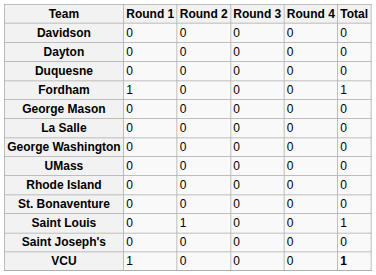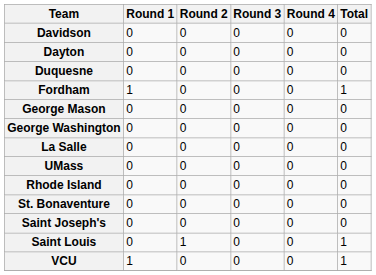 <table class="wikitable sortable">
 <tr>
 <th>Team</th>
 <th>Round 1</th>
 <th>Round 2</th>
 <th>Round 3</th>
 <th>Round 4</th>
 <th>Total</th>
 </tr>
 <tr>
 <th>Davidson</th>
 <td>0</td>
 <td>0</td>
 <td>0</td>
 <td>0</td>
 <td>0</td>
 </tr>
 <tr>
 <th>Dayton</th>
 <td>0</td>
 <td>0</td>
 <td>0</td>
 <td>0</td>
 <td>0</td>
 </tr>
 <tr>
 <th>Duquesne</th>
 <td>0</td>
 <td>0</td>
 <td>0</td>
 <td>0</td>
 <td>0</td>
 </tr>
 <tr>
 <th>Fordham</th>
 <td>1</td>
 <td>0</td>
 <td>0</td>
 <td>0</td>
 <td>1</td>
 </tr>
 <tr>
 <th>George Mason</th>
 <td>0</td>
 <td>0</td>
 <td>0</td>
 <td>0</td>
 <td>0</td>
 </tr>
 <tr>
-<th>La Salle</th>
+<th>George Washington</th>
 <td>0</td>
 <td>0</td>
 <td>0</td>
 <td>0</td>
 <td>0</td>
 </tr>
 <tr>
-<th>George Washington</th>
+<th>La Salle</th>
 <td>0</td>
 <td>0</td>
 <td>0</td>
 <td>0</td>
 <td>0</td>
 </tr>
 <tr>
 <th>UMass</th>
 <td>0</td>
 <td>0</td>
 <td>0</td>
 <td>0</td>
 <td>0</td>
 </tr>
 <tr>
 <th>Rhode Island</th>
 <td>0</td>
 <td>0</td>
 <td>0</td>
 <td>0</td>
 <td>0</td>
 </tr>
 <tr>
 <th>St. Bonaventure</th>
 <td>0</td>
 <td>0</td>
 <td>0</td>
 <td>0</td>
 <td>0</td>
 </tr>
 <tr>
+<th>Saint Joseph's</th>
+<td>0</td>
+<td>0</td>
+<td>0</td>
+<td>0</td>
+<td>0</td>
+</tr>
+<tr>
 <th>Saint Louis</th>
 <td>0</td>
 <td>1</td>
 <td>0</td>
 <td>0</td>
 <td>1</td>
 </tr>
 <tr>
-<th>Saint Joseph's</th>
-<td>0</td>
-<td>0</td>
-<td>0</td>
-<td>0</td>
-<td>0</td>
-</tr>
-<tr>
 <th>VCU</th>
 <td>1</td>
 <td>0</td>
 <td>0</td>
 <td>0</td>
-<td><strong>1</strong></td>
+<td>1</td>
 </tr>
 <tr>
 </tr>
 </table>
